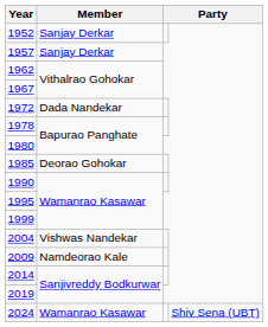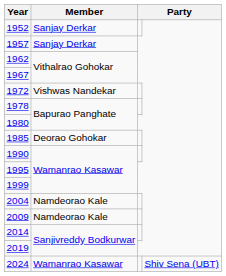 <table class="wikitable">
 <tr>
 <th>Year</th>
 <th>Member</th>
 <th colspan="2">Party</th>
 </tr>
 <tr>
 <td><a href='#'>1952</a></td>
 <td><a href='#'>Sanjay Derkar</a></td>
 <td></td>
 </tr>
 <tr>
 <td><a href='#'>1957</a></td>
 <td><a href='#'>Sanjay Derkar</a></td>
 </tr>
 <tr>
 <td><a href='#'>1962</a></td>
 <td rowspan="2">Vithalrao Gohokar</td>
 </tr>
 <tr>
 <td><a href='#'>1967</a></td>
 </tr>
 <tr>
 <td><a href='#'>1972</a></td>
-<td>Dada Nandekar</td>
+<td>Vishwas Nandekar</td>
 <td></td>
 </tr>
 <tr>
 <td><a href='#'>1978</a></td>
 <td rowspan="2">Bapurao Panghate</td>
 <td></td>
 </tr>
 <tr>
 <td><a href='#'>1980</a></td>
 </tr>
 <tr>
 <td><a href='#'>1985</a></td>
 <td>Deorao Gohokar</td>
 <td></td>
 </tr>
 <tr>
 <td><a href='#'>1990</a></td>
 <td rowspan="3"><a href='#'>Wamanrao Kasawar</a></td>
 <td></td>
 </tr>
 <tr>
 <td><a href='#'>1995</a></td>
 </tr>
 <tr>
 <td><a href='#'>1999</a></td>
 </tr>
 <tr>
 <td><a href='#'>2004</a></td>
-<td>Vishwas Nandekar</td>
+<td>Namdeorao Kale</td>
 <td></td>
 </tr>
 <tr>
 <td><a href='#'>2009</a></td>
 <td>Namdeorao Kale</td>
 <td></td>
 </tr>
 <tr>
 <td><a href='#'>2014</a></td>
 <td rowspan="2"><a href='#'>Sanjivreddy Bodkurwar</a></td>
 <td></td>
 </tr>
 <tr>
 <td><a href='#'>2019</a></td>
 </tr>
 <tr>
 <td><a href='#'>2024</a></td>
 <td><a href='#'>Wamanrao Kasawar</a></td>
 <td style="background-color: "></td>
 <td><a href='#'>Shiv Sena (UBT)</a></td>
 </tr>
 </table>
